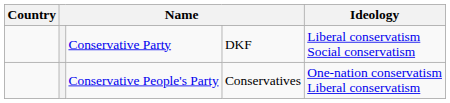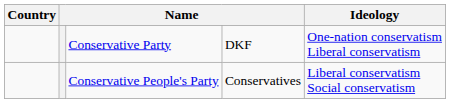 <table class="wikitable">
 <tr>
 <th>Country</th>
 <th colspan="3">Name</th>
 <th>Ideology</th>
 </tr>
 <tr>
 <td></td>
 <th style="background:"></th>
 <td><a href='#'>Conservative Party</a></td>
 <td>DKF</td>
-<td><a href='#'>Liberal conservatism</a><br><a href='#'>Social conservatism</a></td>
+<td><a href='#'>One-nation conservatism</a><br><a href='#'>Liberal conservatism</a></td>
 </tr>
 <tr>
 <td></td>
 <th style="background:"></th>
 <td><a href='#'>Conservative People's Party</a></td>
 <td>Conservatives</td>
-<td><a href='#'>One-nation conservatism</a><br><a href='#'>Liberal conservatism</a></td>
+<td><a href='#'>Liberal conservatism</a><br><a href='#'>Social conservatism</a></td>
 </tr>
 </table>
